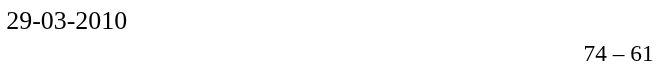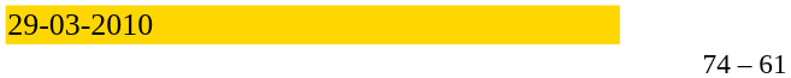 <table width=100% cellspacing=1>
 <tr>
 <th width=25%></th>
 <th width=10%></th>
 <th></th>
 </tr>
 <tr>
-<td>29-03-2010</td>
+<td style="background: gold;">29-03-2010</td>
 </tr>
 <tr style=font-size:90%>
 <td align=right></td>
 <td align=center>74 – 61</td>
 <td></td>
 </tr>
 </table>
